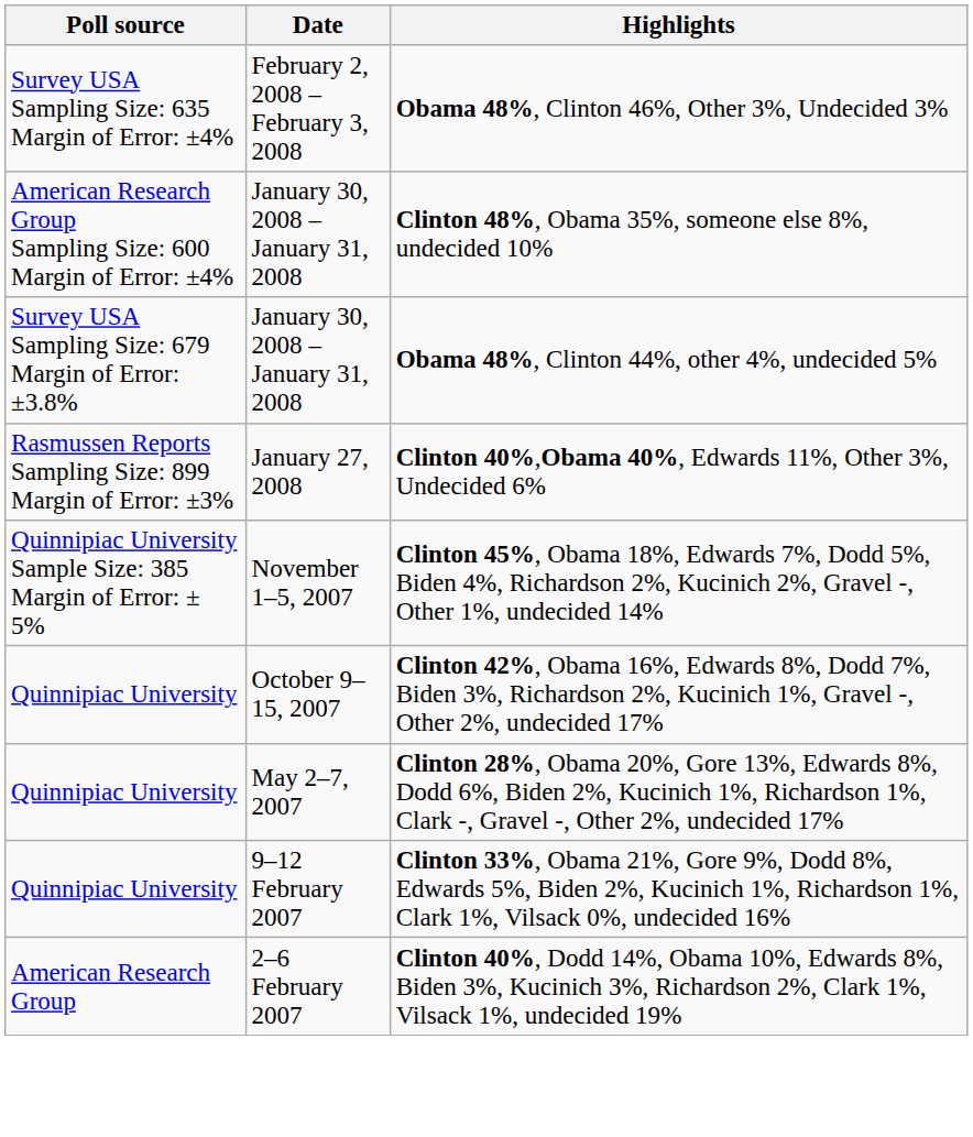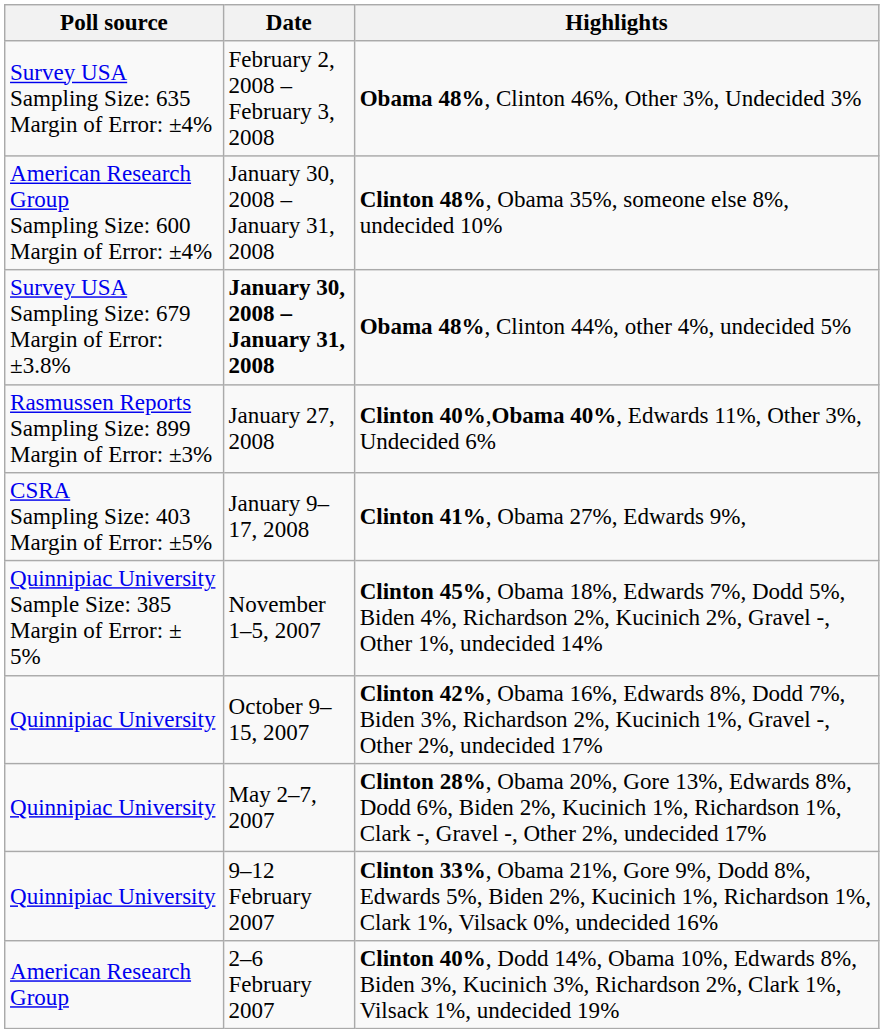 <table class="wikitable sortable">
 <tr>
 <th width="25%">Poll source</th>
 <th width="15%">Date</th>
 <th width="60%">Highlights</th>
 </tr>
 <tr>
 <td><a href='#'>Survey USA</a><br>Sampling Size: 635<br> Margin of Error: ±4%</td>
 <td>February 2, 2008 – February 3, 2008</td>
 <td><strong>Obama 48%</strong>, Clinton 46%, Other 3%, Undecided 3%</td>
 </tr>
 <tr>
 <td><a href='#'>American Research Group</a><br>Sampling Size: 600<br> Margin of Error: ±4%</td>
 <td>January 30, 2008 – January 31, 2008</td>
 <td><strong>Clinton 48%</strong>, Obama 35%, someone else 8%, undecided 10%</td>
 </tr>
 <tr>
 <td><a href='#'>Survey USA</a><br>Sampling Size: 679<br> Margin of Error: ±3.8%</td>
-<td>January 30, 2008 – January 31, 2008</td>
+<td><strong>January 30, 2008 – January 31, 2008</strong></td>
 <td><strong>Obama 48%</strong>, Clinton 44%, other 4%, undecided 5%</td>
 </tr>
 <tr>
 <td><a href='#'>Rasmussen Reports</a><br>Sampling Size: 899<br> Margin of Error: ±3%</td>
 <td>January 27, 2008</td>
 <td><strong>Clinton 40%</strong>,<strong>Obama 40%</strong>, Edwards 11%, Other 3%, Undecided 6%</td>
+</tr>
+<tr>
+<td><a href='#'>CSRA</a><br>Sampling Size: 403<br> Margin of Error: ±5%</td>
+<td>January 9–17, 2008</td>
+<td><strong>Clinton 41%</strong>, Obama 27%, Edwards 9%,</td>
 </tr>
 <tr>
 <td><a href='#'>Quinnipiac University</a><br>Sample Size: 385<br> Margin of Error: ± 5%</td>
 <td>November 1–5, 2007</td>
 <td><strong>Clinton 45%</strong>, Obama 18%, Edwards 7%, Dodd 5%, Biden 4%, Richardson 2%, Kucinich 2%, Gravel -, Other 1%, undecided 14%</td>
 </tr>
 <tr>
 <td><a href='#'>Quinnipiac University</a></td>
 <td>October 9–15, 2007</td>
 <td><strong>Clinton 42%</strong>, Obama 16%, Edwards 8%, Dodd 7%, Biden 3%, Richardson 2%, Kucinich 1%, Gravel -, Other 2%, undecided 17%</td>
 </tr>
 <tr>
 <td><a href='#'>Quinnipiac University</a></td>
 <td>May 2–7, 2007</td>
 <td><strong>Clinton 28%</strong>, Obama 20%, Gore 13%, Edwards 8%, Dodd 6%, Biden 2%, Kucinich 1%, Richardson 1%, Clark -, Gravel -, Other 2%, undecided 17%</td>
 </tr>
 <tr>
 <td><a href='#'>Quinnipiac University</a></td>
 <td>9–12 February 2007</td>
 <td><strong>Clinton 33%</strong>, Obama 21%, Gore 9%, Dodd 8%, Edwards 5%, Biden 2%, Kucinich 1%, Richardson 1%, Clark 1%, Vilsack 0%, undecided 16%</td>
 </tr>
 <tr>
 <td><a href='#'>American Research Group</a></td>
 <td>2–6 February 2007</td>
 <td><strong>Clinton 40%</strong>, Dodd 14%, Obama 10%, Edwards 8%, Biden 3%, Kucinich 3%, Richardson 2%, Clark 1%, Vilsack 1%, undecided 19%</td>
 </tr>
 </table>
